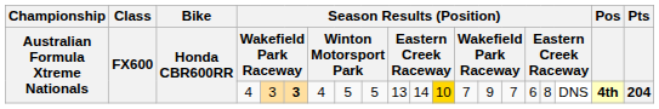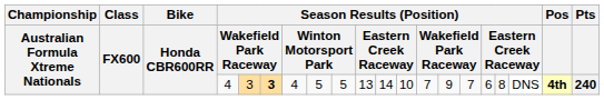 <table class="wikitable" style="text-align:center">
 <tr>
 <th>Championship</th>
 <th>Class</th>
 <th>Bike</th>
 <th colspan=15>Season Results (Position)</th>
 <th>Pos</th>
 <th>Pts</th>
 </tr>
 <tr>
 <th rowspan=2>Australian Formula Xtreme <br> Nationals</th>
 <th rowspan=2>FX600</th>
 <th rowspan=2>Honda <br> CBR600RR</th>
 <th colspan=3 width="132pt">Wakefield Park Raceway</th>
 <th colspan=3 width="132pt">Winton Motorsport Park</th>
 <th colspan=3 width="132pt">Eastern Creek Raceway</th>
 <th colspan=3 width="132pt">Wakefield Park Raceway</th>
 <th colspan=3 width="132pt">Eastern Creek Raceway</th>
 <th></th>
 <th></th>
 </tr>
 <tr>
 <td>4</td>
 <td style="background:#ffdf9f;">3</td>
 <td style="background:#ffdf9f;"><strong>3</strong></td>
 <td>4</td>
 <td>5</td>
 <td>5</td>
 <td>13</td>
 <td>14</td>
-<td style="background: gold;">10</td>
+<td>10</td>
 <td>7</td>
 <td>9</td>
 <td>7</td>
 <td>6</td>
 <td>8</td>
 <td style="background:#ffffff;">DNS</td>
 <th style="background:#ffffbf;">4th</th>
-<th>204</th>
+<th>240</th>
 </tr>
 </table>
